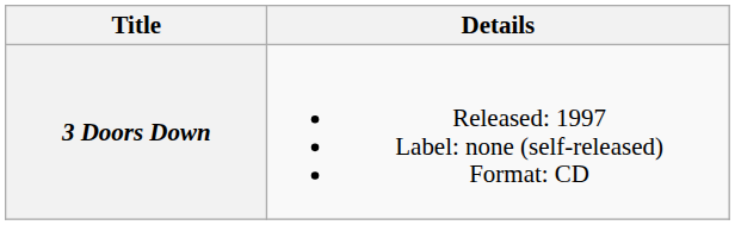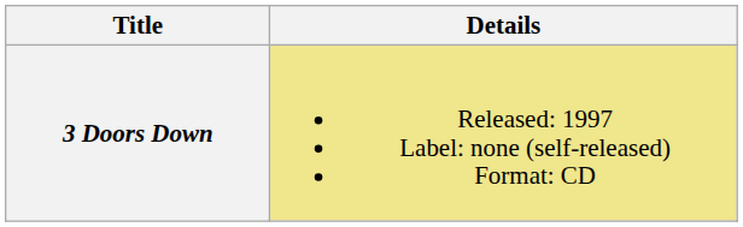 <table class="wikitable plainrowheaders" style="text-align:center;">
 <tr>
 <th scope="col" style="width:10em;">Title</th>
 <th scope="col" style="width:18em;">Details</th>
 </tr>
 <tr>
 <th scope="row"><em>3 Doors Down</em></th>
-<td><br><ul><li>Released: 1997</li><li>Label: none (self-released)</li><li>Format: CD</li></ul></td>
+<td style="background: khaki;"><br><ul><li>Released: 1997</li><li>Label: none (self-released)</li><li>Format: CD</li></ul></td>
 </tr>
 </table>
